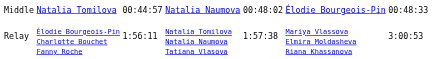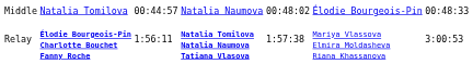 <table>
 <tr>
 <td>Middle</td>
 <td><a href='#'>Natalia Tomilova</a><br></td>
 <td>00:44:57</td>
 <td><a href='#'>Natalia Naumova</a><br></td>
 <td>00:48:02</td>
 <td><a href='#'>Élodie Bourgeois-Pin</a><br></td>
 <td>00:48:33</td>
 </tr>
 <tr>
 <td>Relay</td>
-<td><br><small><a href='#'>Élodie Bourgeois-Pin</a><br><a href='#'>Charlotte Bouchet</a><br><a href='#'>Fanny Roche</a></small></td>
+<td><strong><br><small><a href='#'>Élodie Bourgeois-Pin</a><br><a href='#'>Charlotte Bouchet</a><br><a href='#'>Fanny Roche</a></small></strong></td>
 <td>1:56:11</td>
-<td><br><small><a href='#'>Natalia Tomilova</a><br><a href='#'>Natalia Naumova</a><br><a href='#'>Tatiana Vlasova</a></small></td>
+<td><strong><br><small><a href='#'>Natalia Tomilova</a><br><a href='#'>Natalia Naumova</a><br><a href='#'>Tatiana Vlasova</a></small></strong></td>
 <td>1:57:38</td>
 <td><br><small><a href='#'>Mariya Vlassova</a><br><a href='#'>Elmira Moldasheva</a><br><a href='#'>Riana Khassanova</a></small></td>
 <td>3:00:53</td>
 </tr>
 </table>
